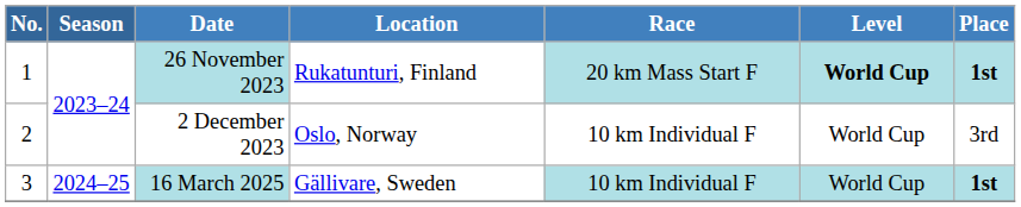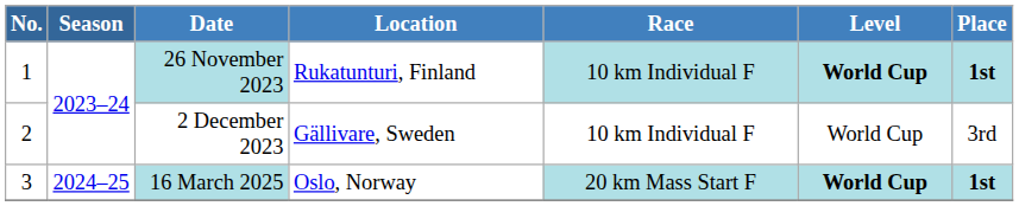 <table class="wikitable sortable" style="font-size:95%; text-align:center; border:grey solid 1px; border-collapse:collapse; background:#ffffff;">
 <tr style="background:#efefef;">
 <th style="background-color:#369; color:white;">No.</th>
 <th style="background-color:#369; color:white;">Season</th>
 <th style="background-color:#4180be; color:white; width:100px;">Date</th>
 <th style="background-color:#4180be; color:white; width:170px;">Location</th>
 <th style="background-color:#4180be; color:white; width:170px;">Race</th>
 <th style="background-color:#4180be; color:white; width:100px;">Level</th>
 <th style="background-color:#4180be; color:white;">Place</th>
 </tr>
 <tr>
 <td align=center>1</td>
 <td rowspan=2 align=center><a href='#'>2023–24</a></td>
 <td bgcolor="#BOEOE6" align=right>26 November 2023</td>
 <td align=left> <a href='#'>Rukatunturi</a>, Finland</td>
-<td bgcolor="#BOEOE6">20 km Mass Start F</td>
+<td bgcolor="#BOEOE6">10 km Individual F</td>
 <td bgcolor="#BOEOE6"><strong>World Cup</strong></td>
 <td bgcolor="#BOEOE6"><strong>1st</strong></td>
 </tr>
 <tr>
 <td align=center>2</td>
 <td align=right>2 December 2023</td>
-<td align="left"> <a href='#'>Oslo</a>, Norway</td>
+<td align=left> <a href='#'>Gällivare</a>, Sweden</td>
 <td>10 km Individual F</td>
 <td>World Cup</td>
 <td>3rd</td>
 </tr>
 <tr>
 <td align=center>3</td>
 <td><a href='#'>2024–25</a></td>
 <td bgcolor="#BOEOE6" align=right>16 March 2025</td>
-<td align=left> <a href='#'>Gällivare</a>, Sweden</td>
-<td bgcolor="#BOEOE6">10 km Individual F</td>
-<td bgcolor="#BOEOE6">World Cup</td>
+<td align="left"> <a href='#'>Oslo</a>, Norway</td>
+<td bgcolor="#BOEOE6">20 km Mass Start F</td>
+<td bgcolor="#BOEOE6"><strong>World Cup</strong></td>
 <td bgcolor="#BOEOE6"><strong>1st</strong></td>
 </tr>
 <tr>
 </tr>
 </table>
